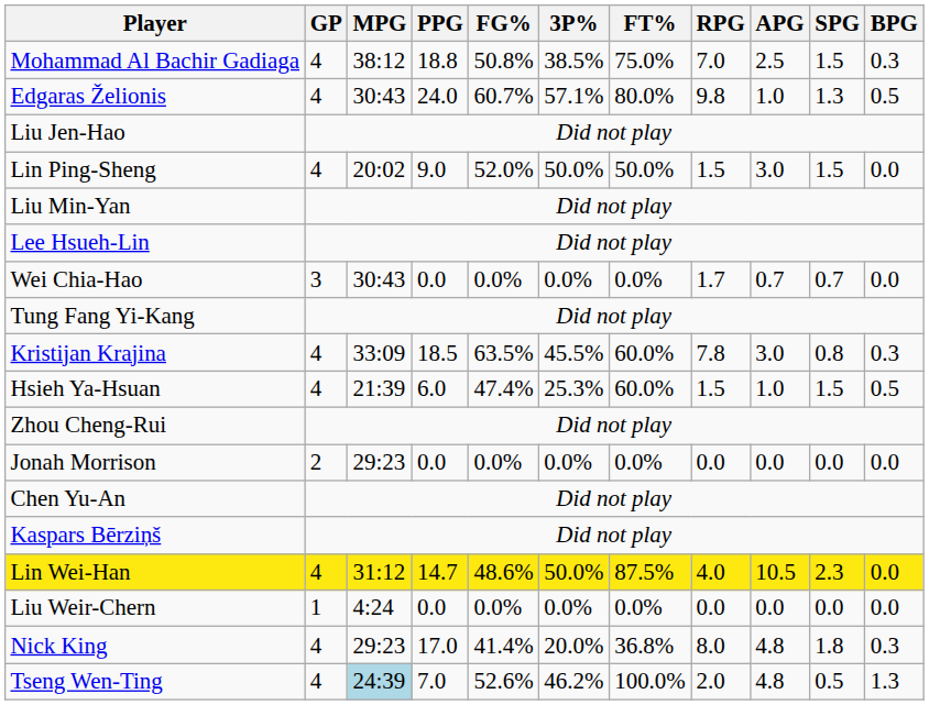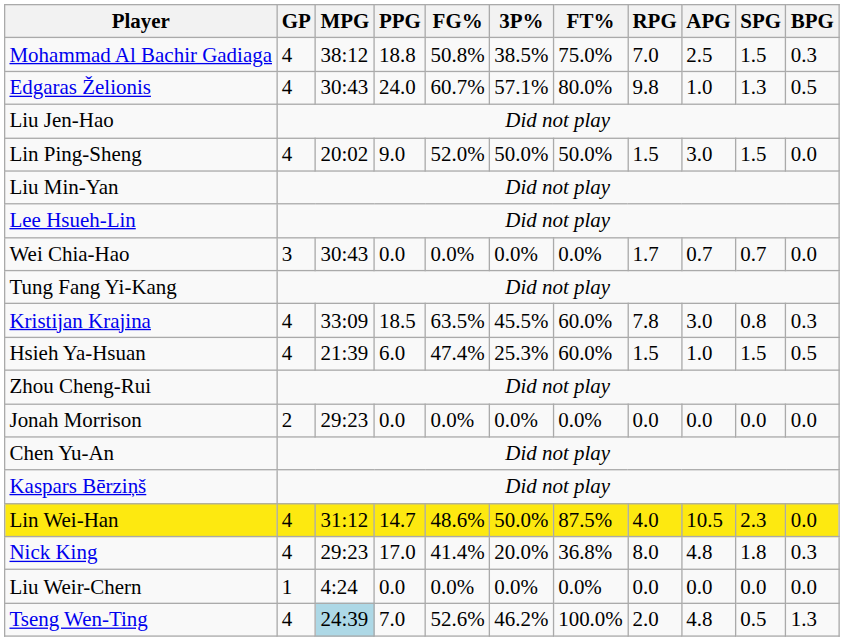 <table class="wikitable">
 <tr>
 <th>Player</th>
 <th>GP</th>
 <th>MPG</th>
 <th>PPG</th>
 <th>FG%</th>
 <th>3P%</th>
 <th>FT%</th>
 <th>RPG</th>
 <th>APG</th>
 <th>SPG</th>
 <th>BPG</th>
 </tr>
 <tr>
 <td><a href='#'>Mohammad Al Bachir Gadiaga</a></td>
 <td>4</td>
 <td>38:12</td>
 <td>18.8</td>
 <td>50.8%</td>
 <td>38.5%</td>
 <td>75.0%</td>
 <td>7.0</td>
 <td>2.5</td>
 <td>1.5</td>
 <td>0.3</td>
 </tr>
 <tr>
 <td><a href='#'>Edgaras Želionis</a></td>
 <td>4</td>
 <td>30:43</td>
 <td>24.0</td>
 <td>60.7%</td>
 <td>57.1%</td>
 <td>80.0%</td>
 <td>9.8</td>
 <td>1.0</td>
 <td>1.3</td>
 <td>0.5</td>
 </tr>
 <tr>
 <td>Liu Jen-Hao</td>
 <td colspan=10 align=center><em>Did not play</em></td>
 </tr>
 <tr>
 <td>Lin Ping-Sheng</td>
 <td>4</td>
 <td>20:02</td>
 <td>9.0</td>
 <td>52.0%</td>
 <td>50.0%</td>
 <td>50.0%</td>
 <td>1.5</td>
 <td>3.0</td>
 <td>1.5</td>
 <td>0.0</td>
 </tr>
 <tr>
 <td>Liu Min-Yan</td>
 <td colspan=10 align=center><em>Did not play</em></td>
 </tr>
 <tr>
 <td><a href='#'>Lee Hsueh-Lin</a></td>
 <td colspan=10 align=center><em>Did not play</em></td>
 </tr>
 <tr>
 <td>Wei Chia-Hao</td>
 <td>3</td>
 <td>30:43</td>
 <td>0.0</td>
 <td>0.0%</td>
 <td>0.0%</td>
 <td>0.0%</td>
 <td>1.7</td>
 <td>0.7</td>
 <td>0.7</td>
 <td>0.0</td>
 </tr>
 <tr>
 <td>Tung Fang Yi-Kang</td>
 <td colspan=10 align=center><em>Did not play</em></td>
 </tr>
 <tr>
 <td><a href='#'>Kristijan Krajina</a></td>
 <td>4</td>
 <td>33:09</td>
 <td>18.5</td>
 <td>63.5%</td>
 <td>45.5%</td>
 <td>60.0%</td>
 <td>7.8</td>
 <td>3.0</td>
 <td>0.8</td>
 <td>0.3</td>
 </tr>
 <tr>
 <td>Hsieh Ya-Hsuan</td>
 <td>4</td>
 <td>21:39</td>
 <td>6.0</td>
 <td>47.4%</td>
 <td>25.3%</td>
 <td>60.0%</td>
 <td>1.5</td>
 <td>1.0</td>
 <td>1.5</td>
 <td>0.5</td>
 </tr>
 <tr>
 <td>Zhou Cheng-Rui</td>
 <td colspan=10 align=center><em>Did not play</em></td>
 </tr>
 <tr>
 <td>Jonah Morrison</td>
 <td>2</td>
 <td>29:23</td>
 <td>0.0</td>
 <td>0.0%</td>
 <td>0.0%</td>
 <td>0.0%</td>
 <td>0.0</td>
 <td>0.0</td>
 <td>0.0</td>
 <td>0.0</td>
 </tr>
 <tr>
 <td>Chen Yu-An</td>
 <td colspan=10 align=center><em>Did not play</em></td>
 </tr>
 <tr>
 <td><a href='#'>Kaspars Bērziņš</a></td>
 <td colspan=10 align=center><em>Did not play</em></td>
 </tr>
 <tr style="background:#FDE910;">
 <td>Lin Wei-Han</td>
 <td>4</td>
 <td>31:12</td>
 <td>14.7</td>
 <td>48.6%</td>
 <td>50.0%</td>
 <td>87.5%</td>
 <td>4.0</td>
 <td>10.5</td>
 <td>2.3</td>
 <td>0.0</td>
 </tr>
 <tr>
+<td><a href='#'>Nick King</a></td>
+<td>4</td>
+<td>29:23</td>
+<td>17.0</td>
+<td>41.4%</td>
+<td>20.0%</td>
+<td>36.8%</td>
+<td>8.0</td>
+<td>4.8</td>
+<td>1.8</td>
+<td>0.3</td>
+</tr>
+<tr>
 <td>Liu Weir-Chern</td>
 <td>1</td>
 <td>4:24</td>
 <td>0.0</td>
 <td>0.0%</td>
 <td>0.0%</td>
 <td>0.0%</td>
 <td>0.0</td>
 <td>0.0</td>
 <td>0.0</td>
 <td>0.0</td>
-</tr>
-<tr>
-<td><a href='#'>Nick King</a></td>
-<td>4</td>
-<td>29:23</td>
-<td>17.0</td>
-<td>41.4%</td>
-<td>20.0%</td>
-<td>36.8%</td>
-<td>8.0</td>
-<td>4.8</td>
-<td>1.8</td>
-<td>0.3</td>
 </tr>
 <tr>
 <td><a href='#'>Tseng Wen-Ting</a></td>
 <td>4</td>
 <td style="background: lightblue;">24:39</td>
 <td>7.0</td>
 <td>52.6%</td>
 <td>46.2%</td>
 <td>100.0%</td>
 <td>2.0</td>
 <td>4.8</td>
 <td>0.5</td>
 <td>1.3</td>
 </tr>
 </table>
